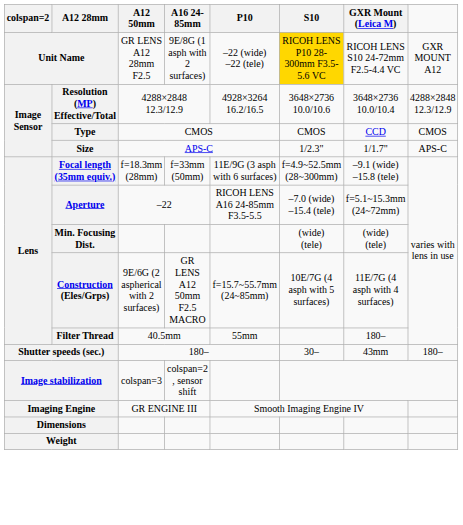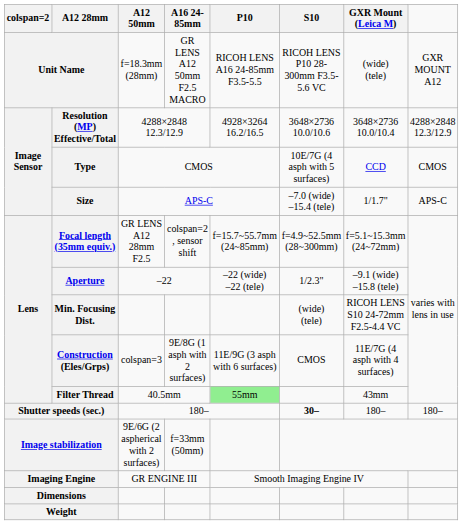 <table class="wikitable" style="text-align:center;font-size:90%;">
 <tr>
 <th>colspan=2 </th>
 <th>A12 28mm</th>
 <th>A12 50mm</th>
 <th>A16 24-85mm</th>
 <th>P10</th>
 <th>S10</th>
 <th>GXR Mount (<a href='#'>Leica M</a>)</th>
 </tr>
 <tr>
 <th colspan=2>Unit Name</th>
-<td>GR LENS A12 28mm F2.5</td>
-<td>9E/8G (1 asph with 2 surfaces)</td>
-<td>–22 (wide)<br>–22 (tele)</td>
-<td style="background: gold;">RICOH LENS P10 28-300mm F3.5-5.6 VC</td>
-<td>RICOH LENS S10 24-72mm F2.5-4.4 VC</td>
+<td>f=18.3mm<br>(28mm)</td>
+<td>GR LENS A12 50mm F2.5 MACRO</td>
+<td>RICOH LENS A16 24-85mm F3.5-5.5</td>
+<td>RICOH LENS P10 28-300mm F3.5-5.6 VC</td>
+<td> (wide)<br> (tele)</td>
 <td>GXR MOUNT A12</td>
 </tr>
 <tr>
 <th rowspan=3>Image Sensor</th>
 <th>Resolution (<a href='#'>MP</a>)<br>Effective/Total</th>
 <td colspan=2>4288×2848<br>12.3/12.9</td>
 <td>4928×3264<br>16.2/16.5</td>
 <td>3648×2736<br>10.0/10.6</td>
 <td>3648×2736<br>10.0/10.4</td>
 <td>4288×2848<br>12.3/12.9</td>
 </tr>
 <tr>
 <th>Type</th>
 <td colspan=3>CMOS</td>
-<td>CMOS</td>
+<td>10E/7G (4 asph with 5 surfaces)</td>
 <td><a href='#'>CCD</a></td>
 <td>CMOS</td>
 </tr>
 <tr>
 <th>Size</th>
 <td colspan=3><a href='#'>APS-C</a></td>
-<td>1/2.3"</td>
+<td>–7.0 (wide)<br>–15.4 (tele)</td>
 <td>1/1.7"</td>
 <td>APS-C</td>
 </tr>
 <tr>
 <th rowspan=5>Lens</th>
 <th><a href='#'>Focal length</a><br><a href='#'>(35mm equiv.)</a></th>
-<td>f=18.3mm<br>(28mm)</td>
-<td>f=33mm<br>(50mm)</td>
-<td>11E/9G (3 asph with 6 surfaces)</td>
+<td>GR LENS A12 28mm F2.5</td>
+<td>colspan=2 , sensor shift</td>
+<td>f=15.7~55.7mm<br>(24~85mm)</td>
 <td>f=4.9~52.5mm<br>(28~300mm)</td>
-<td>–9.1 (wide)<br>–15.8 (tele)</td>
+<td>f=5.1~15.3mm<br>(24~72mm)</td>
 <td rowspan=5>varies with lens in use</td>
 </tr>
 <tr>
 <th><a href='#'>Aperture</a></th>
 <td colspan=2>–22</td>
-<td>RICOH LENS A16 24-85mm F3.5-5.5</td>
-<td>–7.0 (wide)<br>–15.4 (tele)</td>
-<td>f=5.1~15.3mm<br>(24~72mm)</td>
+<td>–22 (wide)<br>–22 (tele)</td>
+<td>1/2.3"</td>
+<td>–9.1 (wide)<br>–15.8 (tele)</td>
 </tr>
 <tr>
 <th>Min. Focusing Dist.</th>
 <td></td>
 <td></td>
 <td></td>
 <td> (wide)<br> (tele)</td>
-<td> (wide)<br> (tele)</td>
+<td>RICOH LENS S10 24-72mm F2.5-4.4 VC</td>
 </tr>
 <tr>
 <th><a href='#'>Construction</a> (Eles/Grps)</th>
-<td>9E/6G (2 aspherical with 2 surfaces)</td>
-<td>GR LENS A12 50mm F2.5 MACRO</td>
-<td>f=15.7~55.7mm<br>(24~85mm)</td>
-<td>10E/7G (4 asph with 5 surfaces)</td>
+<td>colspan=3 </td>
+<td>9E/8G (1 asph with 2 surfaces)</td>
+<td>11E/9G (3 asph with 6 surfaces)</td>
+<td>CMOS</td>
 <td>11E/7G (4 asph with 4 surfaces)</td>
 </tr>
 <tr>
 <th>Filter Thread</th>
 <td colspan=2>40.5mm</td>
-<td>55mm</td>
+<td style="background: lightgreen;">55mm</td>
 <td></td>
-<td>180–</td>
+<td>43mm</td>
 </tr>
 <tr>
 <th colspan=2>Shutter speeds (sec.)</th>
 <td colspan=3>180–</td>
-<td>30–</td>
-<td>43mm</td>
+<td><strong>30–</strong></td>
+<td>180–</td>
 <td>180–</td>
 </tr>
 <tr>
 <th colspan=2><a href='#'>Image stabilization</a></th>
-<td>colspan=3 </td>
-<td>colspan=2 , sensor shift</td>
+<td>9E/6G (2 aspherical with 2 surfaces)</td>
+<td>f=33mm<br>(50mm)</td>
 <td></td>
 </tr>
 <tr>
 <th colspan=2>Imaging Engine</th>
 <td colspan=2>GR ENGINE III</td>
 <td colspan=3>Smooth Imaging Engine IV</td>
 <td></td>
 </tr>
 <tr>
 <th colspan=2>Dimensions</th>
 <td></td>
 <td></td>
 <td></td>
 <td></td>
 <td></td>
 <td></td>
 </tr>
 <tr>
 <th colspan=2>Weight</th>
 <td></td>
 <td></td>
 <td></td>
 <td></td>
 <td></td>
 <td></td>
 </tr>
 </table>
